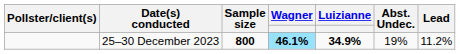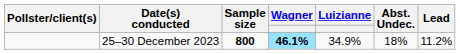 <table class="wikitable" style="text-align:center;font-size:90%;line-height:14px;">
 <tr>
 <th rowspan="2">Pollster/client(s)</th>
 <th rowspan="2">Date(s) <br>conducted</th>
 <th rowspan="2">Sample <br>size</th>
 <th class="unsortable" style="width:50px;"><a href='#'>Wagner</a><br></th>
 <th class="unsortable" style="width:50px;"><a href='#'>Luizianne</a><br></th>
 <th rowspan="2">Abst.<br>Undec.</th>
 <th rowspan="2">Lead</th>
 </tr>
 <tr>
 <th data-sort-type="number" class="sortable" style="background:"></th>
 <th data-sort-type="number" class="sortable" style="background:"></th>
 </tr>
 <tr>
 <td></td>
 <td>25–30 December 2023</td>
 <td><strong>800</strong></td>
 <td style="background:#97e3ff;"><strong>46.1%</strong></td>
-<td><strong>34.9%</strong></td>
-<td>19%</td>
+<td>34.9%</td>
+<td>18%</td>
 <td style="background:">11.2%</td>
 </tr>
 </table>
